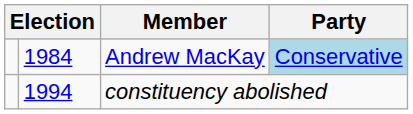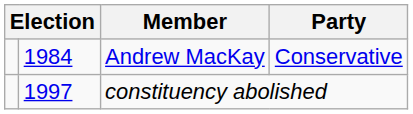 <table class="wikitable">
 <tr>
 <th colspan="2">Election</th>
 <th>Member</th>
 <th>Party</th>
 </tr>
 <tr>
 <td style="color:inherit;background-color: "></td>
 <td><a href='#'>1984</a></td>
 <td><a href='#'>Andrew MacKay</a></td>
-<td style="background: lightblue;"><a href='#'>Conservative</a></td>
+<td><a href='#'>Conservative</a></td>
 </tr>
 <tr>
 <td></td>
-<td><a href='#'>1994</a></td>
+<td><a href='#'>1997</a></td>
 <td colspan="2"><em>constituency abolished</em></td>
 </tr>
 </table>
